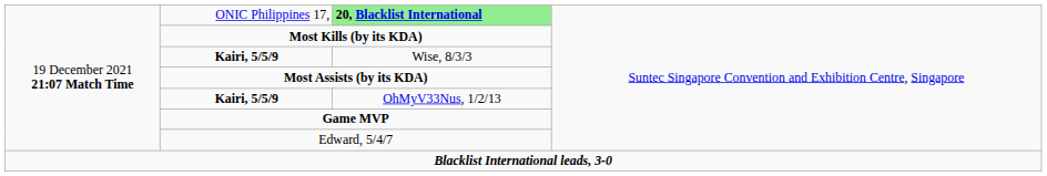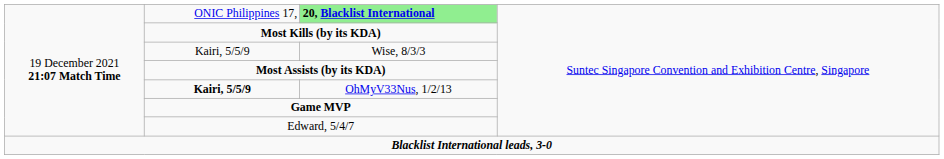 <table class="wikitable" style="text-align: center; width: 100%; margin-left: auto; margin-right: auto; border: none;">
 <tr>
 <td rowspan="7">19 December 2021<br><strong>21:07 Match Time</strong></td>
 <td align="right"> <a href='#'>ONIC Philippines</a> 17,</td>
 <td bgcolor="#90EE90" align="left"><strong>20, <a href='#'>Blacklist International</a></strong> </td>
 <td rowspan="7"><a href='#'>Suntec Singapore Convention and Exhibition Centre</a>, <a href='#'>Singapore</a></td>
 </tr>
 <tr>
 <td colspan="2"><strong>Most Kills (by its KDA)</strong></td>
 </tr>
 <tr>
-<td><strong>Kairi, 5/5/9</strong></td>
+<td>Kairi, 5/5/9</td>
 <td>Wise, 8/3/3</td>
 </tr>
 <tr>
 <td colspan="2"><strong>Most Assists (by its KDA)</strong></td>
 </tr>
 <tr>
 <td><strong>Kairi, 5/5/9</strong></td>
 <td><a href='#'>OhMyV33Nus</a>, 1/2/13</td>
 </tr>
 <tr>
 <td colspan="2"><strong>Game MVP</strong></td>
 </tr>
 <tr>
 <td colspan="2">Edward, 5/4/7</td>
 </tr>
 <tr>
 <td colspan="4"><strong><em>Blacklist International leads, 3-0</em></strong></td>
 </tr>
 </table>
